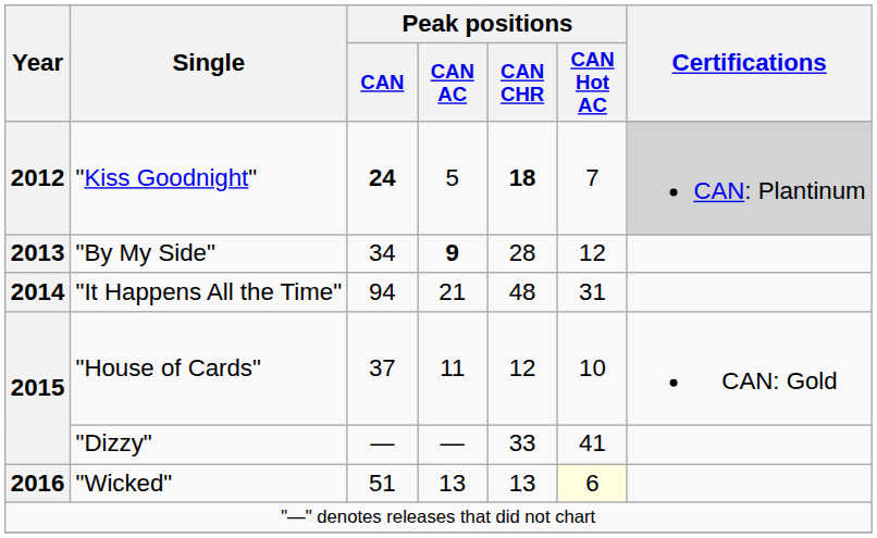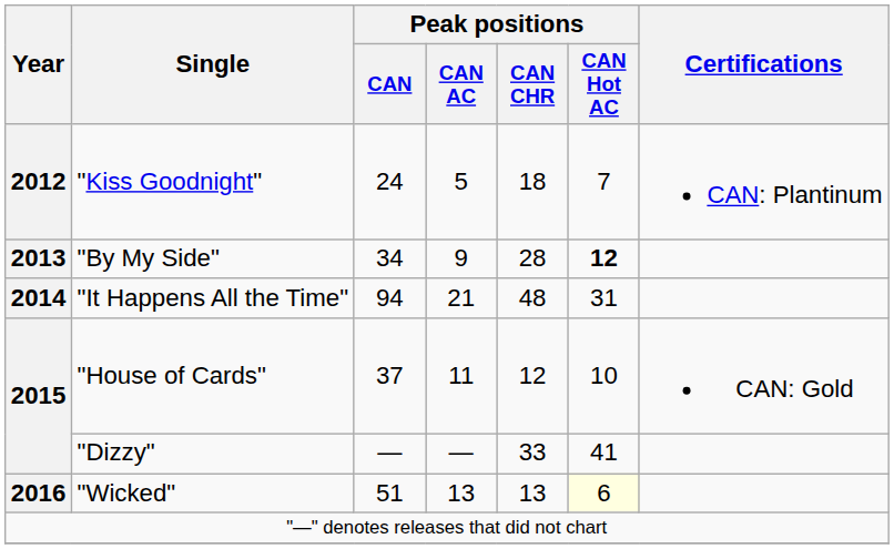 <table class="wikitable plainrowheaders" style="text-align:center;">
 <tr>
 <th rowspan="2">Year</th>
 <th rowspan="2">Single</th>
 <th colspan="4">Peak positions</th>
 <th rowspan="2"><a href='#'>Certifications</a></th>
 </tr>
 <tr style="font-size:smaller;">
 <th width="40"><a href='#'>CAN</a><br></th>
 <th width="40"><a href='#'>CAN AC</a><br></th>
 <th width="40"><a href='#'>CAN CHR</a><br></th>
 <th width="40"><a href='#'>CAN Hot AC</a><br></th>
 </tr>
 <tr>
 <th scope="row">2012</th>
 <td style="text-align:left">"<a href='#'>Kiss Goodnight</a>"</td>
-<td><strong>24</strong></td>
+<td>24</td>
 <td>5</td>
-<td><strong>18</strong></td>
+<td>18</td>
 <td>7</td>
-<td style="background: lightgrey;"><br><ul><li><a href='#'>CAN</a>: Plantinum</li></ul></td>
+<td><br><ul><li><a href='#'>CAN</a>: Plantinum</li></ul></td>
 </tr>
 <tr>
 <th scope="row">2013</th>
 <td style="text-align:left">"By My Side"</td>
 <td>34</td>
-<td><strong>9</strong></td>
+<td>9</td>
 <td>28</td>
-<td>12</td>
+<td><strong>12</strong></td>
 <td></td>
 </tr>
 <tr>
 <th scope="row">2014</th>
 <td style="text-align:left">"It Happens All the Time"</td>
 <td>94</td>
 <td>21</td>
 <td>48</td>
 <td>31</td>
 <td></td>
 </tr>
 <tr>
 <th scope="row" rowspan="2">2015</th>
 <td style="text-align:left">"House of Cards"</td>
 <td>37</td>
 <td>11</td>
 <td>12</td>
 <td>10</td>
 <td><br><ul><li>CAN: Gold</li></ul></td>
 </tr>
 <tr>
 <td style="text-align:left">"Dizzy"</td>
 <td>—</td>
 <td>—</td>
 <td>33</td>
 <td>41</td>
 <td></td>
 </tr>
 <tr>
 <th scope="row">2016</th>
 <td style="text-align:left">"Wicked"</td>
 <td>51</td>
 <td>13</td>
 <td>13</td>
 <td style="background: lightyellow;">6</td>
 <td></td>
 </tr>
 <tr>
 <td colspan="7" style="font-size:9pt">"—" denotes releases that did not chart</td>
 </tr>
 <tr e>
 </tr>
 </table>
